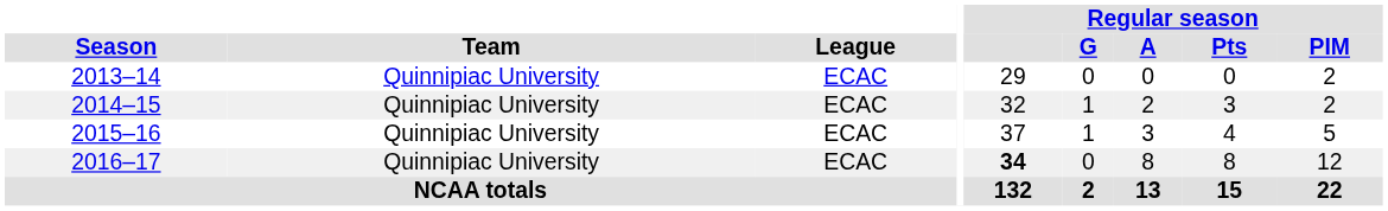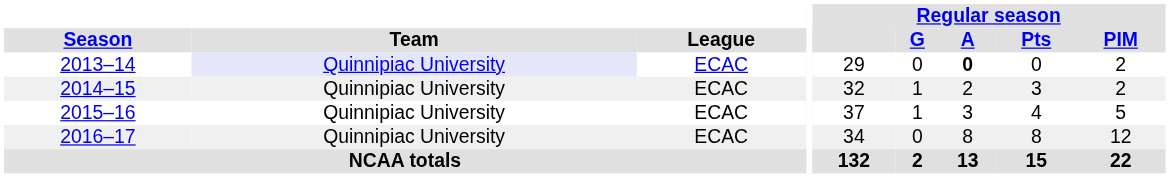 <table border="0" cellpadding="1" cellspacing="0" style="text-align:center; width:60em">
 <tr bgcolor="#e0e0e0">
 <th colspan="3" bgcolor="#ffffff"></th>
 <th rowspan="97" bgcolor="#ffffff"></th>
 <th colspan="5"><a href='#'>Regular season</a></th>
 </tr>
 <tr bgcolor="#e0e0e0">
 <th><a href='#'>Season</a></th>
 <th>Team</th>
 <th>League</th>
 <th></th>
 <th><a href='#'>G</a></th>
 <th><a href='#'>A</a></th>
 <th><a href='#'>Pts</a></th>
 <th><a href='#'>PIM</a></th>
 </tr>
 <tr>
 <td><a href='#'>2013–14</a></td>
-<td><a href='#'>Quinnipiac University</a></td>
+<td style="background: lavender;"><a href='#'>Quinnipiac University</a></td>
 <td><a href='#'>ECAC</a></td>
 <td>29</td>
 <td>0</td>
-<td>0</td>
+<td><strong>0</strong></td>
 <td>0</td>
 <td>2</td>
 </tr>
 <tr bgcolor="#f0f0f0">
 <td><a href='#'>2014–15</a></td>
 <td>Quinnipiac University</td>
 <td>ECAC</td>
 <td>32</td>
 <td>1</td>
 <td>2</td>
 <td>3</td>
 <td>2</td>
 </tr>
 <tr>
 <td><a href='#'>2015–16</a></td>
 <td>Quinnipiac University</td>
 <td>ECAC</td>
 <td>37</td>
 <td>1</td>
 <td>3</td>
 <td>4</td>
 <td>5</td>
 </tr>
 <tr bgcolor="#f0f0f0">
 <td><a href='#'>2016–17</a></td>
 <td>Quinnipiac University</td>
 <td>ECAC</td>
-<td><strong>34</strong></td>
+<td>34</td>
 <td>0</td>
 <td>8</td>
 <td>8</td>
 <td>12</td>
 </tr>
 <tr bgcolor="#e0e0e0">
 <th colspan="3">NCAA totals</th>
 <th>132</th>
 <th>2</th>
 <th>13</th>
 <th>15</th>
 <th>22</th>
 </tr>
 </table>
